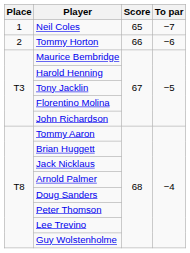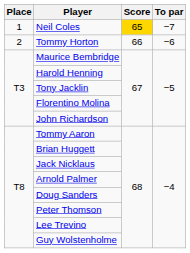 <table class="wikitable">
 <tr>
 <th>Place</th>
 <th>Player</th>
 <th>Score</th>
 <th>To par</th>
 </tr>
 <tr>
 <td align=center>1</td>
 <td> <a href='#'>Neil Coles</a></td>
-<td align=center>65</td>
+<td align=center style="background: gold;">65</td>
 <td align=center>−7</td>
 </tr>
 <tr>
 <td align=center>2</td>
 <td> <a href='#'>Tommy Horton</a></td>
 <td align=center>66</td>
 <td align=center>−6</td>
 </tr>
 <tr>
 <td rowspan="5" align=center>T3</td>
 <td> <a href='#'>Maurice Bembridge</a></td>
 <td rowspan="5" align=center>67</td>
 <td rowspan="5" align=center>−5</td>
 </tr>
 <tr>
 <td> <a href='#'>Harold Henning</a></td>
 </tr>
 <tr>
 <td> <a href='#'>Tony Jacklin</a></td>
 </tr>
 <tr>
 <td> <a href='#'>Florentino Molina</a></td>
 </tr>
 <tr>
 <td> <a href='#'>John Richardson</a></td>
 </tr>
 <tr>
 <td rowspan="8" align=center>T8</td>
 <td> <a href='#'>Tommy Aaron</a></td>
 <td rowspan="8" align=center>68</td>
 <td rowspan="8" align=center>−4</td>
 </tr>
 <tr>
 <td> <a href='#'>Brian Huggett</a></td>
 </tr>
 <tr>
 <td> <a href='#'>Jack Nicklaus</a></td>
 </tr>
 <tr>
 <td> <a href='#'>Arnold Palmer</a></td>
 </tr>
 <tr>
 <td> <a href='#'>Doug Sanders</a></td>
 </tr>
 <tr>
 <td> <a href='#'>Peter Thomson</a></td>
 </tr>
 <tr>
 <td> <a href='#'>Lee Trevino</a></td>
 </tr>
 <tr>
 <td> <a href='#'>Guy Wolstenholme</a></td>
 </tr>
 </table>
